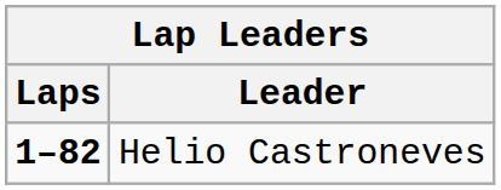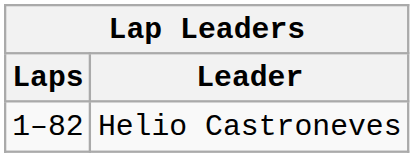 <table class="wikitable">
 <tr>
 <th colspan=2>Lap Leaders</th>
 </tr>
 <tr>
 <th>Laps</th>
 <th>Leader</th>
 </tr>
 <tr>
-<td><strong>1–82</strong></td>
+<td>1–82</td>
 <td>Helio Castroneves</td>
 </tr>
 </table>
